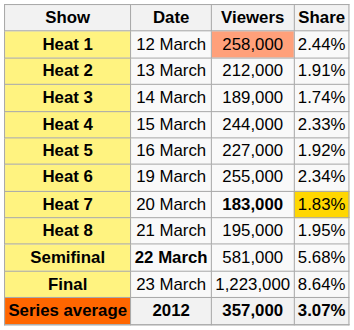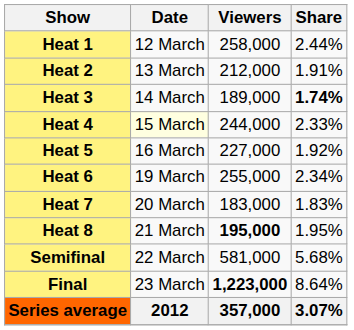 <table class="wikitable sortable" style="text-align:center">
 <tr>
 <th>Show</th>
 <th>Date</th>
 <th>Viewers</th>
 <th>Share</th>
 </tr>
 <tr>
 <td style="background:#FFF380"><strong>Heat 1</strong></td>
 <td>12 March</td>
-<td style="background: lightsalmon;">258,000</td>
+<td>258,000</td>
 <td>2.44%</td>
 </tr>
 <tr>
 <td style="background:#FFF380"><strong>Heat 2</strong></td>
 <td>13 March</td>
 <td>212,000</td>
 <td>1.91%</td>
 </tr>
 <tr>
 <td style="background:#FFF380"><strong>Heat 3</strong></td>
 <td>14 March</td>
 <td>189,000</td>
-<td>1.74%</td>
+<td><strong>1.74%</strong></td>
 </tr>
 <tr>
 <td style="background:#FFF380"><strong>Heat 4</strong></td>
-<td>15 March</td>
+<td style="background: lightyellow;">15 March</td>
 <td>244,000</td>
 <td>2.33%</td>
 </tr>
 <tr>
 <td style="background:#FFF380"><strong>Heat 5</strong></td>
 <td>16 March</td>
 <td>227,000</td>
 <td>1.92%</td>
 </tr>
 <tr>
 <td style="background:#FFF380"><strong>Heat 6</strong></td>
 <td>19 March</td>
 <td>255,000</td>
 <td>2.34%</td>
 </tr>
 <tr>
 <td style="background:#FFF380"><strong>Heat 7</strong></td>
 <td>20 March</td>
-<td><strong>183,000</strong></td>
-<td style="background: gold;">1.83%</td>
+<td>183,000</td>
+<td>1.83%</td>
 </tr>
 <tr>
 <td style="background:#FFF380"><strong>Heat 8</strong></td>
 <td>21 March</td>
-<td>195,000</td>
+<td><strong>195,000</strong></td>
 <td>1.95%</td>
 </tr>
 <tr>
 <td style="background:#FFF380"><strong>Semifinal</strong></td>
-<td><strong>22 March</strong></td>
+<td>22 March</td>
 <td>581,000</td>
 <td>5.68%</td>
 </tr>
 <tr>
 <td style="background:#FFF380"><strong>Final</strong></td>
 <td>23 March</td>
-<td>1,223,000</td>
+<td><strong>1,223,000</strong></td>
 <td>8.64%</td>
 </tr>
 <tr>
 <th style="background:#FF6600">Series average</th>
 <th>2012</th>
 <th>357,000</th>
 <th>3.07%</th>
 </tr>
 <tr>
 </tr>
 </table>
